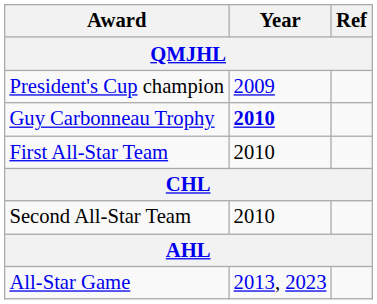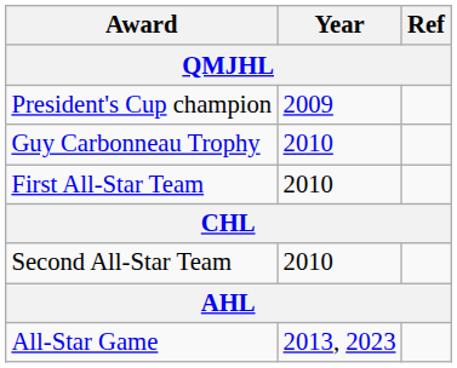 <table class="wikitable">
 <tr>
 <th>Award</th>
 <th>Year</th>
 <th>Ref</th>
 </tr>
 <tr>
 <th colspan="3"><a href='#'>QMJHL</a></th>
 </tr>
 <tr>
 <td><a href='#'> President's Cup</a> champion</td>
 <td><a href='#'>2009</a></td>
 <td></td>
 </tr>
 <tr>
 <td><a href='#'>Guy Carbonneau Trophy</a></td>
-<td><strong><a href='#'>2010</a></strong></td>
+<td><a href='#'>2010</a></td>
 <td></td>
 </tr>
 <tr>
 <td><a href='#'>First All-Star Team</a></td>
 <td>2010</td>
 <td></td>
 </tr>
 <tr>
 <th colspan="3"><a href='#'>CHL</a></th>
 </tr>
 <tr>
 <td>Second All-Star Team</td>
 <td>2010</td>
 <td></td>
 </tr>
 <tr>
 <th colspan="3"><a href='#'>AHL</a></th>
 </tr>
 <tr>
 <td><a href='#'>All-Star Game</a></td>
 <td><a href='#'>2013</a>, <a href='#'>2023</a></td>
 <td></td>
 </tr>
 </table>
